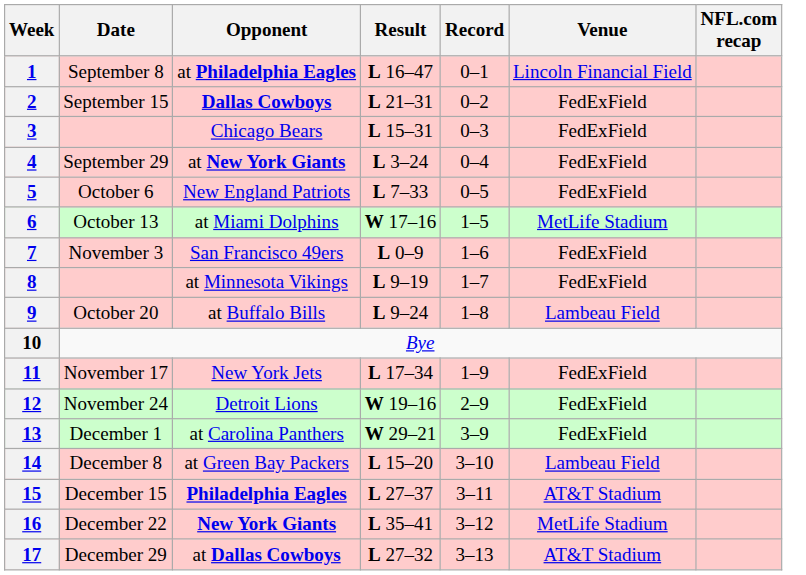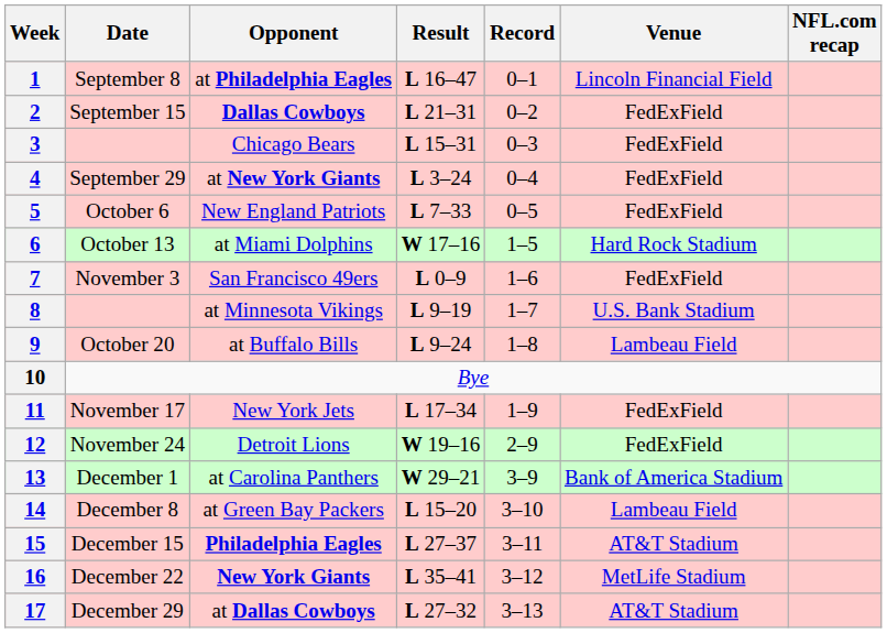 <table class="wikitable" style="text-align:center">
 <tr>
 <th>Week</th>
 <th>Date</th>
 <th>Opponent</th>
 <th>Result</th>
 <th>Record</th>
 <th>Venue</th>
 <th>NFL.com<br>recap</th>
 </tr>
 <tr style="background:#fcc">
 <th><a href='#'>1</a></th>
 <td>September 8</td>
 <td>at <strong><a href='#'>Philadelphia Eagles</a></strong></td>
 <td><strong>L</strong> 16–47</td>
 <td>0–1</td>
 <td><a href='#'>Lincoln Financial Field</a></td>
 <td></td>
 </tr>
 <tr style="background:#fcc">
 <th><a href='#'>2</a></th>
 <td>September 15</td>
 <td><strong><a href='#'>Dallas Cowboys</a></strong></td>
 <td><strong>L</strong> 21–31</td>
 <td>0–2</td>
 <td>FedExField</td>
 <td></td>
 </tr>
 <tr style="background:#fcc">
 <th><a href='#'>3</a></th>
 <td></td>
 <td><a href='#'>Chicago Bears</a></td>
 <td><strong>L</strong> 15–31</td>
 <td>0–3</td>
 <td>FedExField</td>
 <td></td>
 </tr>
 <tr style="background:#fcc">
 <th><a href='#'>4</a></th>
 <td>September 29</td>
 <td>at <strong><a href='#'>New York Giants</a></strong></td>
 <td><strong>L</strong> 3–24</td>
 <td>0–4</td>
 <td>FedExField</td>
 <td></td>
 </tr>
 <tr style="background:#fcc">
 <th><a href='#'>5</a></th>
 <td>October 6</td>
 <td><a href='#'>New England Patriots</a></td>
 <td><strong>L</strong> 7–33</td>
 <td>0–5</td>
 <td>FedExField</td>
 <td></td>
 </tr>
 <tr style="background:#cfc">
 <th><a href='#'>6</a></th>
 <td>October 13</td>
 <td>at <a href='#'>Miami Dolphins</a></td>
 <td><strong>W</strong> 17–16</td>
 <td>1–5</td>
-<td><a href='#'>MetLife Stadium</a></td>
+<td><a href='#'>Hard Rock Stadium</a></td>
 <td></td>
 </tr>
 <tr style="background:#fcc">
 <th><a href='#'>7</a></th>
 <td>November 3</td>
 <td><a href='#'>San Francisco 49ers</a></td>
 <td><strong>L</strong> 0–9</td>
 <td>1–6</td>
 <td>FedExField</td>
 <td></td>
 </tr>
 <tr style="background:#fcc">
 <th><a href='#'>8</a></th>
 <td></td>
 <td>at <a href='#'>Minnesota Vikings</a></td>
 <td><strong>L</strong> 9–19</td>
 <td>1–7</td>
-<td>FedExField</td>
+<td><a href='#'>U.S. Bank Stadium</a></td>
 <td></td>
 </tr>
 <tr style="background:#fcc">
 <th><a href='#'>9</a></th>
 <td>October 20</td>
 <td>at <a href='#'>Buffalo Bills</a></td>
 <td><strong>L</strong> 9–24</td>
 <td>1–8</td>
 <td><a href='#'>Lambeau Field</a></td>
 <td></td>
 </tr>
 <tr>
 <th>10</th>
 <td colspan="6"><em><a href='#'>Bye</a></em></td>
 </tr>
 <tr style="background:#fcc">
 <th><a href='#'>11</a></th>
 <td>November 17</td>
 <td><a href='#'>New York Jets</a></td>
 <td><strong>L</strong> 17–34</td>
 <td>1–9</td>
 <td>FedExField</td>
 <td></td>
 </tr>
 <tr style="background:#cfc">
 <th><a href='#'>12</a></th>
 <td>November 24</td>
 <td><a href='#'>Detroit Lions</a></td>
 <td><strong>W</strong> 19–16</td>
 <td>2–9</td>
 <td>FedExField</td>
 <td></td>
 </tr>
 <tr style="background:#cfc">
 <th><a href='#'>13</a></th>
 <td>December 1</td>
 <td>at <a href='#'>Carolina Panthers</a></td>
 <td><strong>W</strong> 29–21</td>
 <td>3–9</td>
-<td>FedExField</td>
+<td><a href='#'>Bank of America Stadium</a></td>
 <td></td>
 </tr>
 <tr style="background:#fcc">
 <th><a href='#'>14</a></th>
 <td>December 8</td>
 <td>at <a href='#'>Green Bay Packers</a></td>
 <td><strong>L</strong> 15–20</td>
 <td>3–10</td>
 <td><a href='#'>Lambeau Field</a></td>
 <td></td>
 </tr>
 <tr style="background:#fcc">
 <th><a href='#'>15</a></th>
 <td>December 15</td>
 <td><strong><a href='#'>Philadelphia Eagles</a></strong></td>
 <td><strong>L</strong> 27–37</td>
 <td>3–11</td>
 <td><a href='#'>AT&T Stadium</a></td>
 <td></td>
 </tr>
 <tr style="background:#fcc">
 <th><a href='#'>16</a></th>
 <td>December 22</td>
 <td><strong><a href='#'>New York Giants</a></strong></td>
 <td><strong>L</strong> 35–41 </td>
 <td>3–12</td>
 <td><a href='#'>MetLife Stadium</a></td>
 <td></td>
 </tr>
 <tr style="background:#fcc">
 <th><a href='#'>17</a></th>
 <td>December 29</td>
 <td>at <strong><a href='#'>Dallas Cowboys</a></strong></td>
 <td><strong>L</strong> 27–32</td>
 <td>3–13</td>
 <td><a href='#'>AT&T Stadium</a></td>
 <td></td>
 </tr>
 </table>
